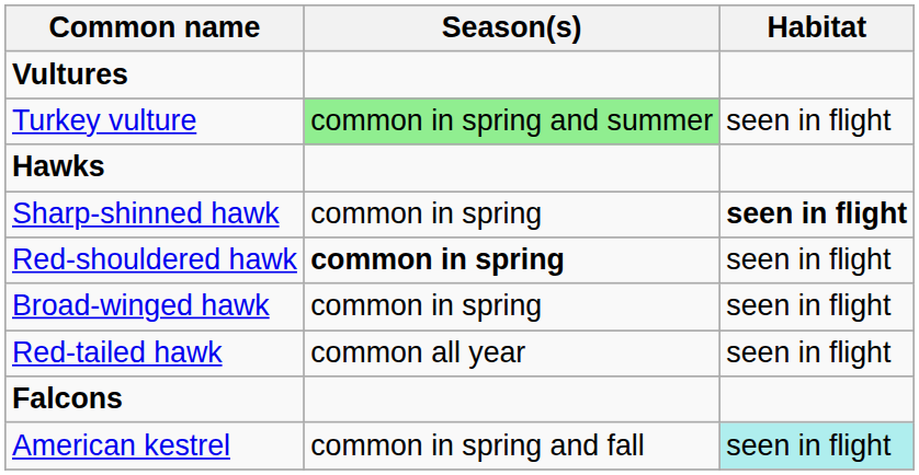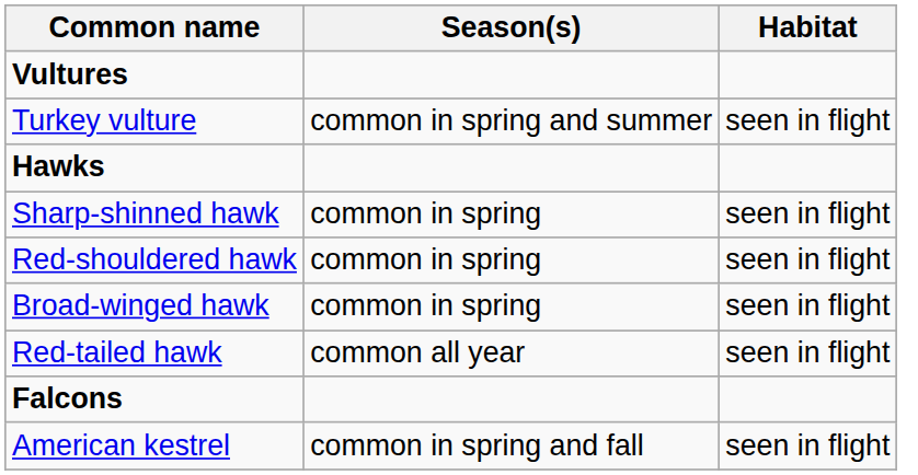 <table class="wikitable " align="center">
 <tr>
 <th><strong>Common name</strong></th>
 <th><strong>Season(s)</strong></th>
 <th><strong>Habitat</strong></th>
 </tr>
 <tr>
 <td><strong>Vultures</strong></td>
 <td></td>
 <td></td>
 </tr>
 <tr>
 <td><a href='#'>Turkey vulture</a></td>
-<td style="background: lightgreen;">common in spring and summer</td>
+<td>common in spring and summer</td>
 <td>seen in flight</td>
 </tr>
 <tr>
 <td><strong>Hawks</strong></td>
 <td></td>
 </tr>
 <tr>
 <td><a href='#'>Sharp-shinned hawk</a></td>
 <td>common in spring</td>
-<td><strong>seen in flight</strong></td>
+<td>seen in flight</td>
 </tr>
 <tr>
 <td><a href='#'>Red-shouldered hawk</a></td>
-<td><strong>common in spring</strong></td>
+<td>common in spring</td>
 <td>seen in flight</td>
 </tr>
 <tr>
 <td><a href='#'>Broad-winged hawk</a></td>
 <td>common in spring</td>
 <td>seen in flight</td>
 </tr>
 <tr>
 <td><a href='#'>Red-tailed hawk</a></td>
 <td>common all year</td>
 <td>seen in flight</td>
 </tr>
 <tr>
 <td><strong>Falcons</strong></td>
 <td></td>
 <td></td>
 </tr>
 <tr>
 <td><a href='#'>American kestrel</a></td>
 <td>common in spring and fall</td>
-<td style="background: paleturquoise;">seen in flight</td>
+<td>seen in flight</td>
 </tr>
 </table>
